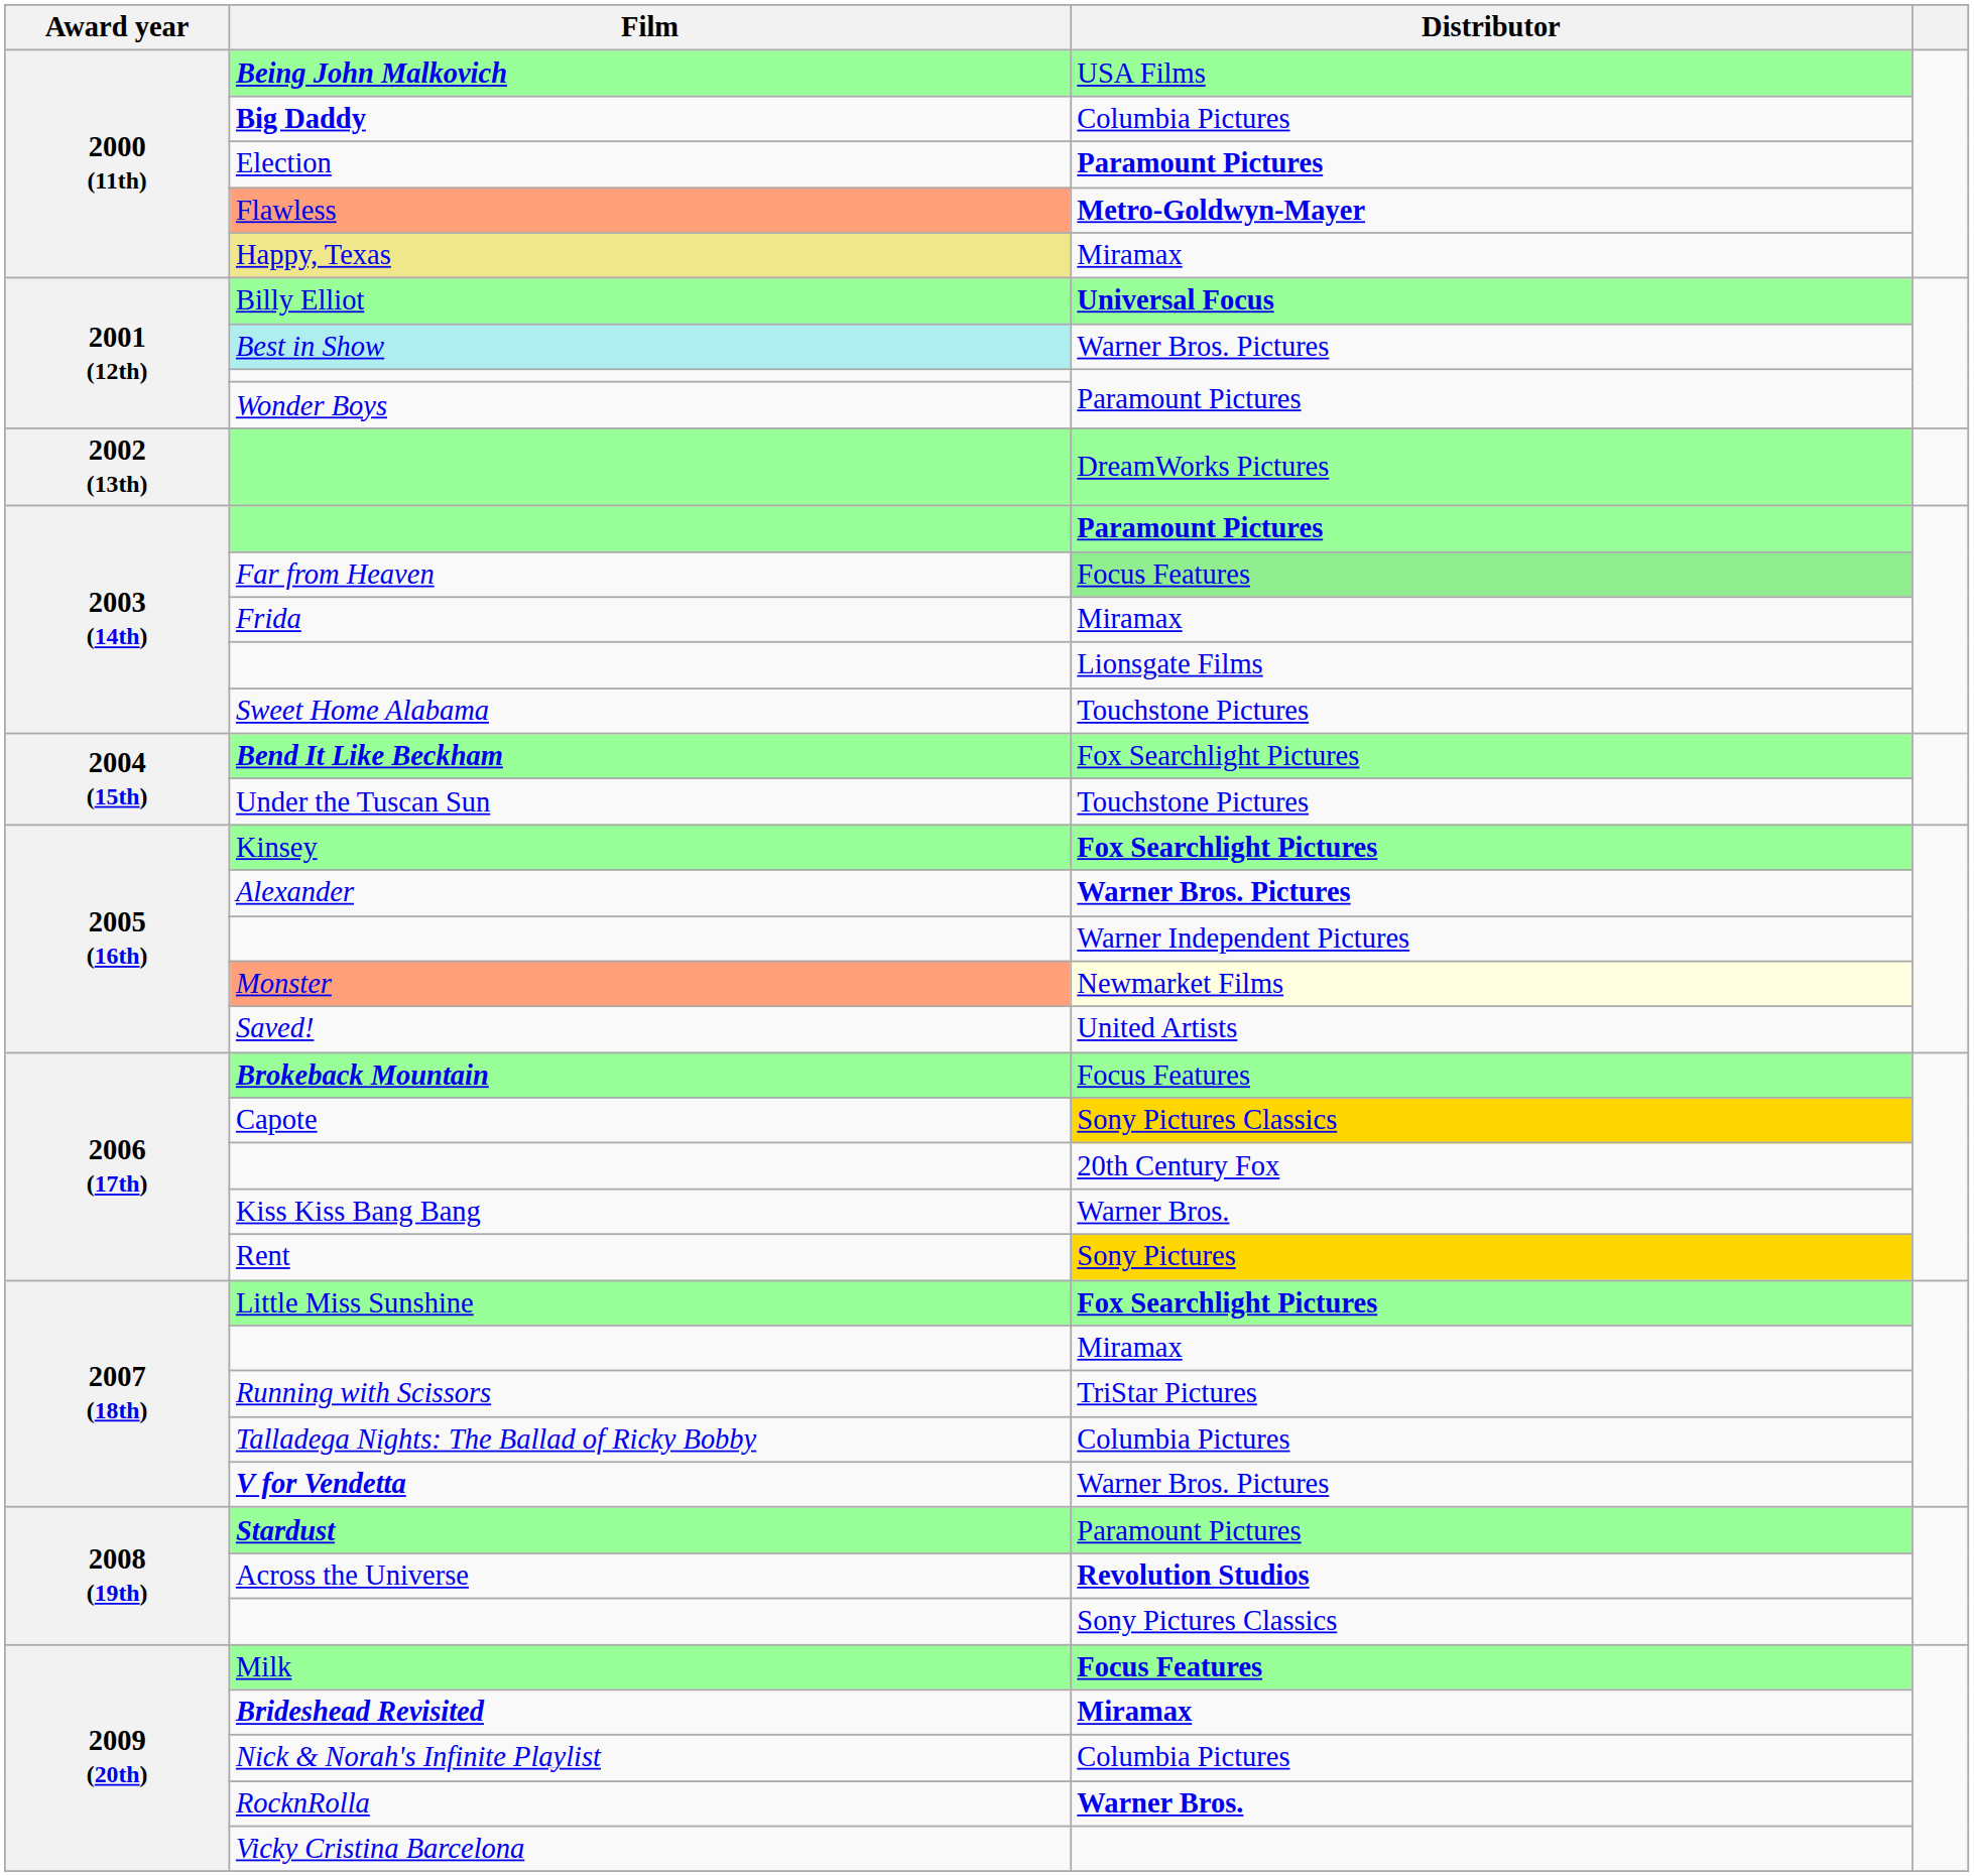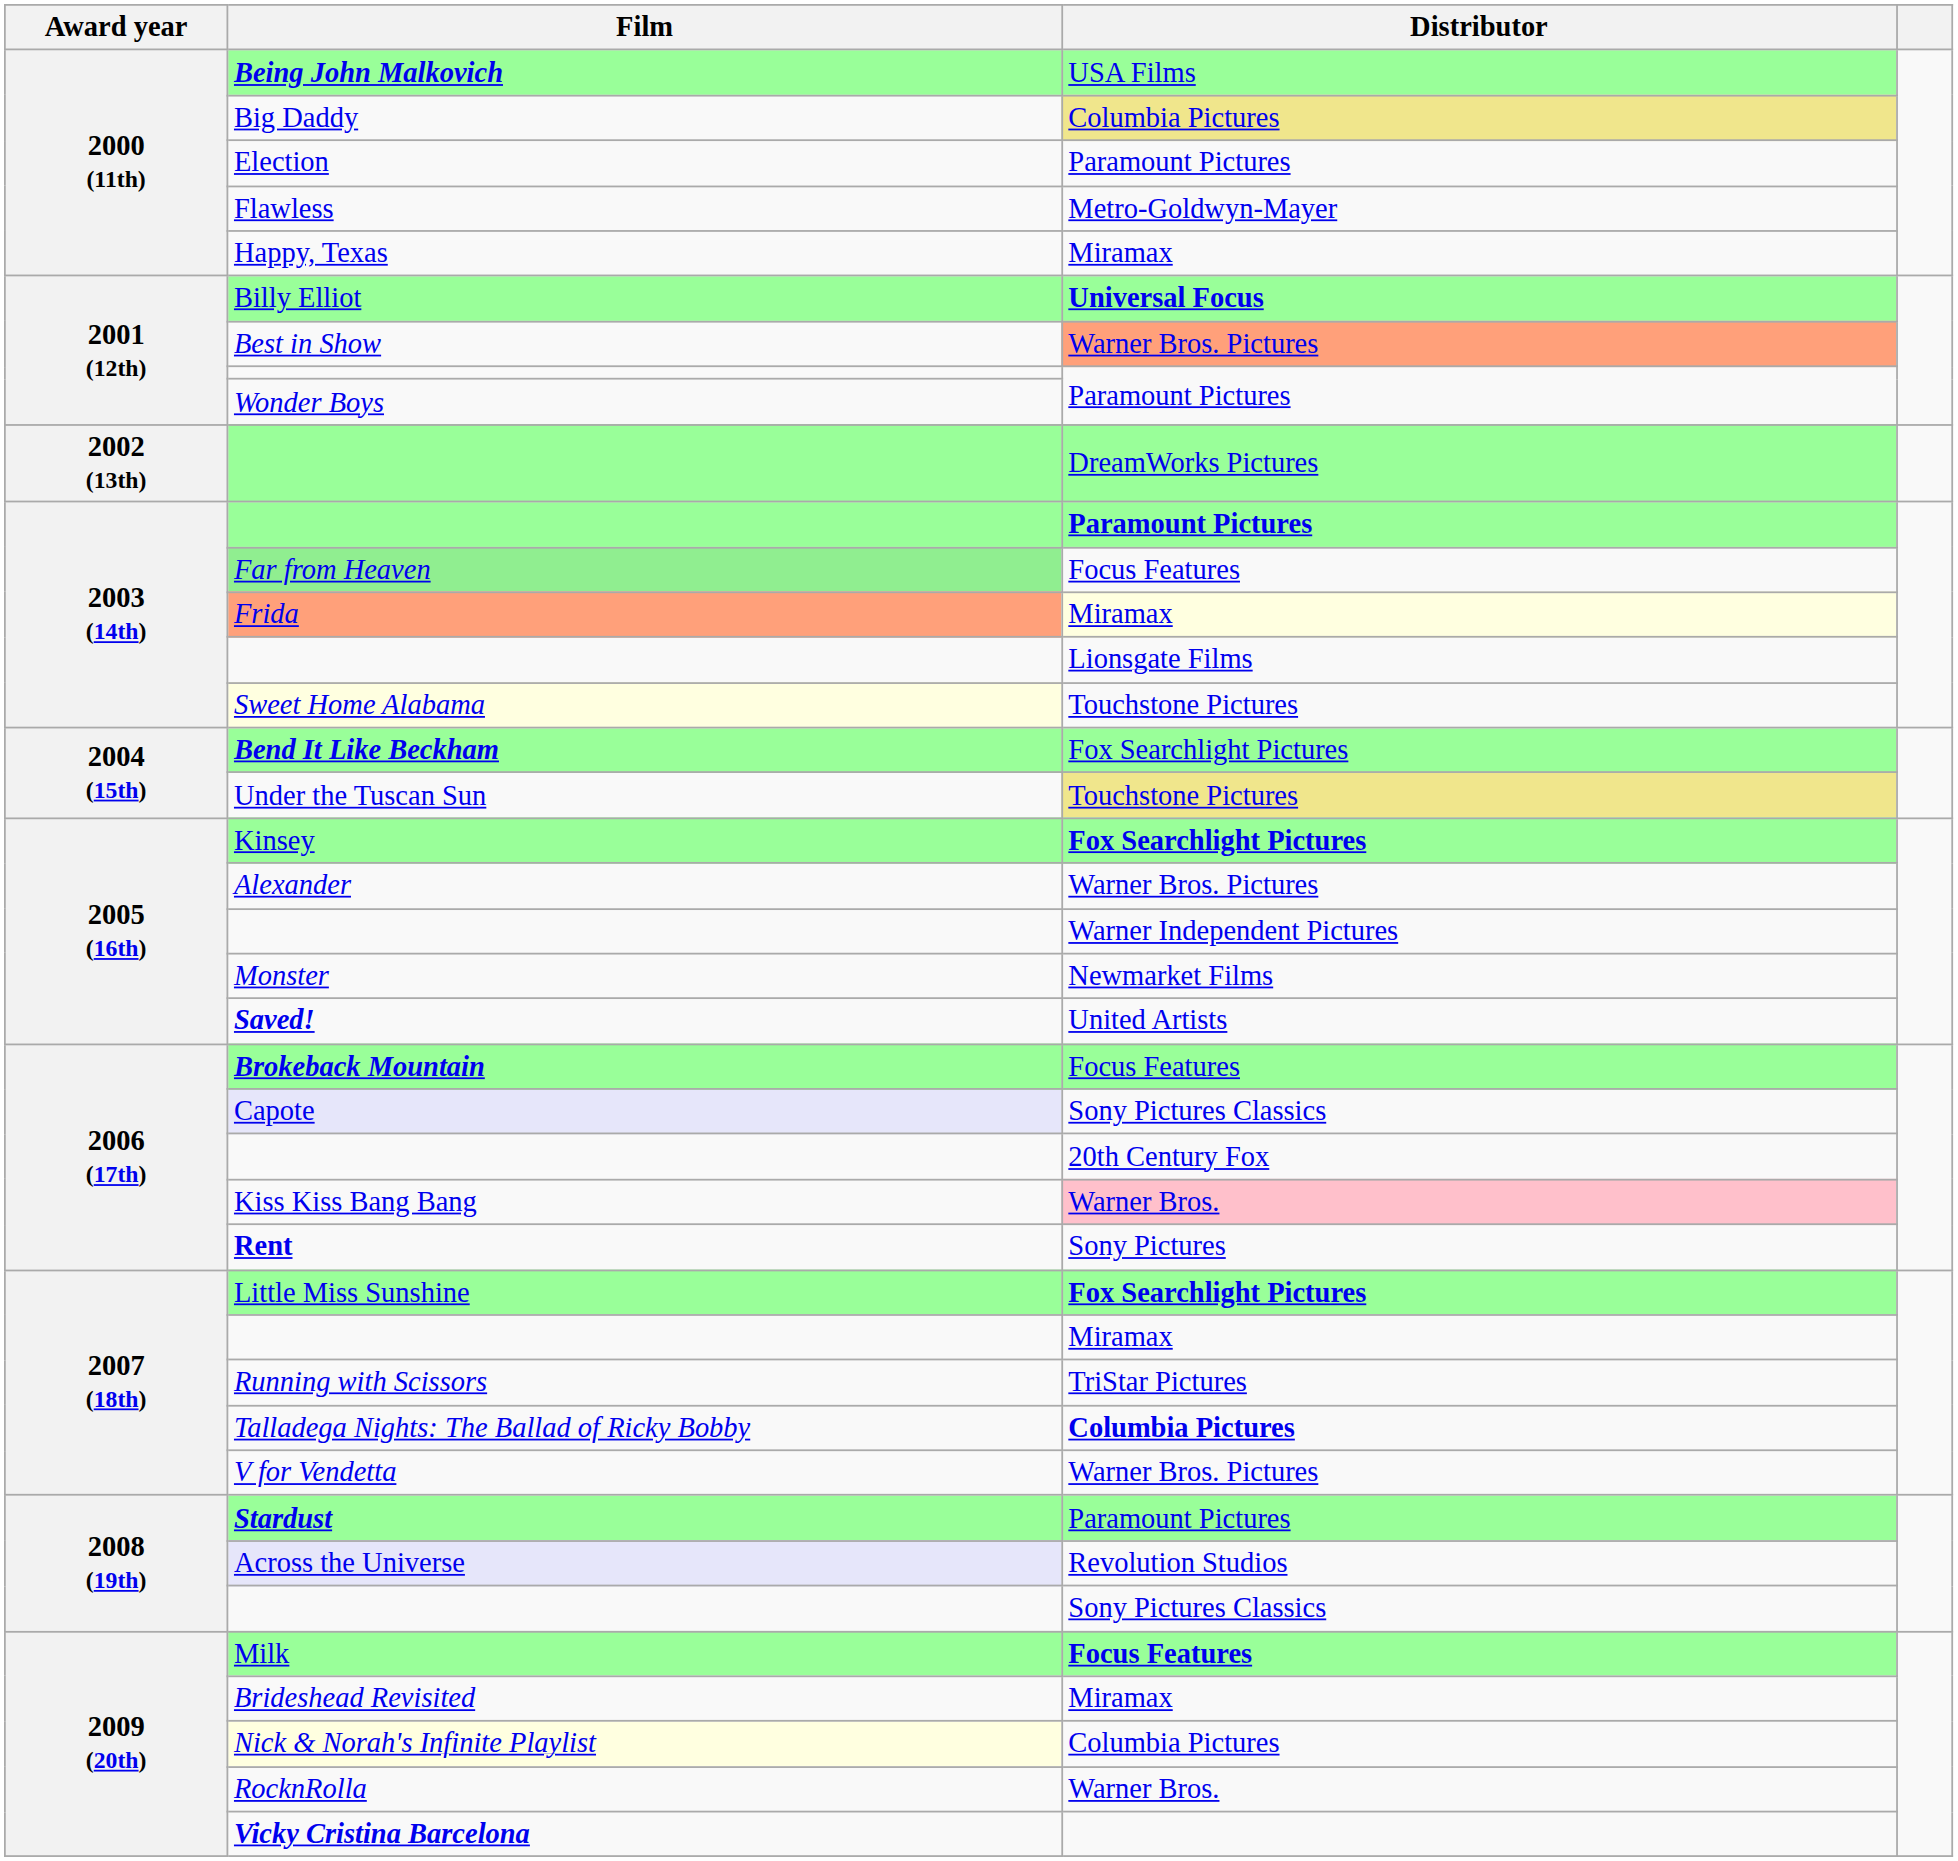 <table class="wikitable sortable">
 <tr>
 <th scope="col" style="width:8%">Award year</th>
 <th scope="col" style="width:30%">Film</th>
 <th scope="col" style="width:30%">Distributor</th>
 <th scope="col" style="width:2%" class="unsortable"></th>
 </tr>
 <tr>
 <th rowspan="5" scope="rowgroup" style="text-align:center">2000<br><small>(11th)</small></th>
 <td style="background:#99ff99;"><strong><em><a href='#'>Being John Malkovich</a><em> <strong></td>
 <td style="background:#99ff99;"></strong><a href='#'>USA Films</a><strong></td>
 <td rowspan="5" align="center"><br></td>
 </tr>
 <tr>
-<td><strong></em><a href='#'>Big Daddy</a><em></strong></td>
-<td><a href='#'>Columbia Pictures</a></td>
+<td></em><a href='#'>Big Daddy</a><em></td>
+<td style="background: khaki;"><a href='#'>Columbia Pictures</a></td>
 </tr>
 <tr>
 <td></em><a href='#'>Election</a><em></td>
-<td><strong><a href='#'>Paramount Pictures</a></strong></td>
+<td><a href='#'>Paramount Pictures</a></td>
 </tr>
 <tr>
-<td style="background: lightsalmon;"></em><a href='#'>Flawless</a><em></td>
-<td><strong><a href='#'>Metro-Goldwyn-Mayer</a></strong></td>
+<td></em><a href='#'>Flawless</a><em></td>
+<td><a href='#'>Metro-Goldwyn-Mayer</a></td>
 </tr>
 <tr>
-<td style="background: khaki;"></em><a href='#'>Happy, Texas</a><em></td>
+<td></em><a href='#'>Happy, Texas</a><em></td>
 <td><a href='#'>Miramax</a></td>
 </tr>
 <tr>
 <th rowspan="4" scope="rowgroup" style="text-align:center">2001<br><small>(12th)</small></th>
 <td style="background:#99ff99;"></em></strong><a href='#'>Billy Elliot</a></em> </strong></td>
 <td style="background:#99ff99;"><strong><a href='#'>Universal Focus</a></strong></td>
 <td rowspan="4" align="center"><br></td>
 </tr>
 <tr>
-<td style="background: paleturquoise;"><em><a href='#'>Best in Show</a></em></td>
-<td><a href='#'>Warner Bros. Pictures</a></td>
+<td><em><a href='#'>Best in Show</a></em></td>
+<td style="background: lightsalmon;"><a href='#'>Warner Bros. Pictures</a></td>
 </tr>
 <tr>
 <td><em></em></td>
 <td rowspan="2"><a href='#'>Paramount Pictures</a></td>
 </tr>
 <tr>
 <td><em><a href='#'>Wonder Boys</a></em></td>
 </tr>
 <tr>
 <th scope="row" style="text-align:center">2002<br><small>(13th)</small></th>
 <td style="background:#99ff99;"><strong><em><em> <strong></td>
 <td style="background:#99ff99;"></strong><a href='#'>DreamWorks Pictures</a><strong></td>
 <td align="center"></td>
 </tr>
 <tr>
 <th rowspan="5" scope="rowgroup" style="text-align:center">2003<br><small>(<a href='#'>14th</a>)</small></th>
 <td style="background:#99ff99;"></em></strong></em> </strong></td>
 <td style="background:#99ff99;"><strong><a href='#'>Paramount Pictures</a></strong></td>
 <td rowspan="5" align="center"><br></td>
 </tr>
 <tr>
-<td><em><a href='#'>Far from Heaven</a></em></td>
-<td style="background: lightgreen;"><a href='#'>Focus Features</a></td>
+<td style="background: lightgreen;"><em><a href='#'>Far from Heaven</a></em></td>
+<td><a href='#'>Focus Features</a></td>
 </tr>
 <tr>
-<td><em><a href='#'>Frida</a></em></td>
-<td><a href='#'>Miramax</a></td>
+<td style="background: lightsalmon;"><em><a href='#'>Frida</a></em></td>
+<td style="background: lightyellow;"><a href='#'>Miramax</a></td>
 </tr>
 <tr>
 <td><em></em></td>
 <td><a href='#'>Lionsgate Films</a></td>
 </tr>
 <tr>
-<td><em><a href='#'>Sweet Home Alabama</a></em></td>
+<td style="background: lightyellow;"><em><a href='#'>Sweet Home Alabama</a></em></td>
 <td><a href='#'>Touchstone Pictures</a></td>
 </tr>
 <tr>
 <th rowspan="2" scope="rowgroup" style="text-align:center">2004<br><small>(<a href='#'>15th</a>)</small></th>
 <td style="background:#99ff99;"><strong><em><a href='#'>Bend It Like Beckham</a><em> <strong></td>
 <td style="background:#99ff99;"></strong><a href='#'>Fox Searchlight Pictures</a><strong></td>
 <td rowspan="2" align="center"><br></td>
 </tr>
 <tr>
 <td></em><a href='#'>Under the Tuscan Sun</a><em></td>
-<td><a href='#'>Touchstone Pictures</a></td>
+<td style="background: khaki;"><a href='#'>Touchstone Pictures</a></td>
 </tr>
 <tr>
 <th rowspan="5" scope="rowgroup" style="text-align:center">2005<br><small>(<a href='#'>16th</a>)</small></th>
 <td style="background:#99ff99;"></em></strong><a href='#'>Kinsey</a></em> </strong></td>
 <td style="background:#99ff99;"><strong><a href='#'>Fox Searchlight Pictures</a></strong></td>
 <td rowspan="5" align="center"><br></td>
 </tr>
 <tr>
 <td><em><a href='#'>Alexander</a></em></td>
-<td><strong><a href='#'>Warner Bros. Pictures</a></strong></td>
+<td><a href='#'>Warner Bros. Pictures</a></td>
 </tr>
 <tr>
 <td><em></em></td>
 <td><a href='#'>Warner Independent Pictures</a></td>
 </tr>
 <tr>
-<td style="background: lightsalmon;"><em><a href='#'>Monster</a></em></td>
-<td style="background: lightyellow;"><a href='#'>Newmarket Films</a></td>
+<td><em><a href='#'>Monster</a></em></td>
+<td><a href='#'>Newmarket Films</a></td>
 </tr>
 <tr>
-<td><em><a href='#'>Saved!</a></em></td>
+<td><strong><em><a href='#'>Saved!</a></em></strong></td>
 <td><a href='#'>United Artists</a></td>
 </tr>
 <tr>
 <th rowspan="5" scope="rowgroup" style="text-align:center">2006<br><small>(<a href='#'>17th</a>)</small></th>
 <td style="background:#99ff99;"><strong><em><a href='#'>Brokeback Mountain</a><em> <strong></td>
 <td style="background:#99ff99;"></strong><a href='#'>Focus Features</a><strong></td>
 <td rowspan="5" align="center"><br></td>
 </tr>
 <tr>
-<td></em><a href='#'>Capote</a><em></td>
-<td style="background: gold;"><a href='#'>Sony Pictures Classics</a></td>
+<td style="background: lavender;"></em><a href='#'>Capote</a><em></td>
+<td><a href='#'>Sony Pictures Classics</a></td>
 </tr>
 <tr>
 <td></em><em></td>
 <td><a href='#'>20th Century Fox</a></td>
 </tr>
 <tr>
 <td></em><a href='#'>Kiss Kiss Bang Bang</a><em></td>
-<td><a href='#'>Warner Bros.</a></td>
+<td style="background: pink;"><a href='#'>Warner Bros.</a></td>
 </tr>
 <tr>
-<td></em><a href='#'>Rent</a><em></td>
-<td style="background: gold;"><a href='#'>Sony Pictures</a></td>
+<td><strong></em><a href='#'>Rent</a><em></strong></td>
+<td><a href='#'>Sony Pictures</a></td>
 </tr>
 <tr>
 <th rowspan="5" scope="rowgroup" style="text-align:center">2007<br><small>(<a href='#'>18th</a>)</small></th>
 <td style="background:#99ff99;"></em></strong><a href='#'>Little Miss Sunshine</a></em> </strong></td>
 <td style="background:#99ff99;"><strong><a href='#'>Fox Searchlight Pictures</a></strong></td>
 <td rowspan="5" align="center"><br></td>
 </tr>
 <tr>
 <td><em></em></td>
 <td><a href='#'>Miramax</a></td>
 </tr>
 <tr>
 <td><em><a href='#'>Running with Scissors</a></em></td>
 <td><a href='#'>TriStar Pictures</a></td>
 </tr>
 <tr>
 <td><em><a href='#'>Talladega Nights: The Ballad of Ricky Bobby</a></em></td>
-<td><a href='#'>Columbia Pictures</a></td>
+<td><strong><a href='#'>Columbia Pictures</a></strong></td>
 </tr>
 <tr>
-<td><strong><em><a href='#'>V for Vendetta</a></em></strong></td>
+<td><em><a href='#'>V for Vendetta</a></em></td>
 <td><a href='#'>Warner Bros. Pictures</a></td>
 </tr>
 <tr>
 <th rowspan="3" scope="rowgroup" style="text-align:center">2008<br><small>(<a href='#'>19th</a>)</small></th>
 <td style="background:#99ff99;"><strong><em><a href='#'>Stardust</a><em> <strong></td>
 <td style="background:#99ff99;"></strong><a href='#'>Paramount Pictures</a><strong></td>
 <td rowspan="3" align="center"><br></td>
 </tr>
 <tr>
-<td></em><a href='#'>Across the Universe</a><em></td>
-<td><strong><a href='#'>Revolution Studios</a></strong></td>
+<td style="background: lavender;"></em><a href='#'>Across the Universe</a><em></td>
+<td><a href='#'>Revolution Studios</a></td>
 </tr>
 <tr>
 <td></em><em></td>
 <td><a href='#'>Sony Pictures Classics</a></td>
 </tr>
 <tr>
 <th rowspan="5" scope="rowgroup" style="text-align:center">2009<br><small>(<a href='#'>20th</a>)</small></th>
 <td style="background:#99ff99;"></em></strong><a href='#'>Milk</a></em> </strong></td>
 <td style="background:#99ff99;"><strong><a href='#'>Focus Features</a></strong></td>
 <td rowspan="5" align="center"><br></td>
 </tr>
 <tr>
-<td><strong><em><a href='#'>Brideshead Revisited</a></em></strong></td>
-<td><strong><a href='#'>Miramax</a></strong></td>
+<td><em><a href='#'>Brideshead Revisited</a></em></td>
+<td><a href='#'>Miramax</a></td>
 </tr>
 <tr>
-<td><em><a href='#'>Nick & Norah's Infinite Playlist</a></em></td>
+<td style="background: lightyellow;"><em><a href='#'>Nick & Norah's Infinite Playlist</a></em></td>
 <td><a href='#'>Columbia Pictures</a></td>
 </tr>
 <tr>
 <td><em><a href='#'>RocknRolla</a></em></td>
-<td><strong><a href='#'>Warner Bros.</a></strong></td>
+<td><a href='#'>Warner Bros.</a></td>
 </tr>
 <tr>
-<td><em><a href='#'>Vicky Cristina Barcelona</a></em></td>
+<td><strong><em><a href='#'>Vicky Cristina Barcelona</a></em></strong></td>
 <td></td>
 </tr>
 </table>
